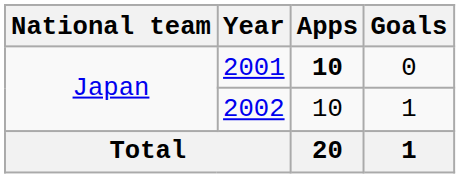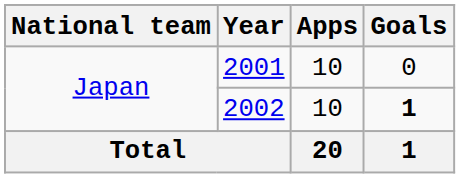 <table class="wikitable" style="text-align:center">
 <tr>
 <th>National team</th>
 <th>Year</th>
 <th>Apps</th>
 <th>Goals</th>
 </tr>
 <tr>
 <td rowspan="2"><a href='#'>Japan</a></td>
 <td><a href='#'>2001</a></td>
-<td><strong>10</strong></td>
+<td>10</td>
 <td>0</td>
 </tr>
 <tr>
 <td><a href='#'>2002</a></td>
 <td>10</td>
-<td>1</td>
+<td><strong>1</strong></td>
 </tr>
 <tr>
 <th colspan="2">Total</th>
 <th>20</th>
 <th>1</th>
 </tr>
 </table>
